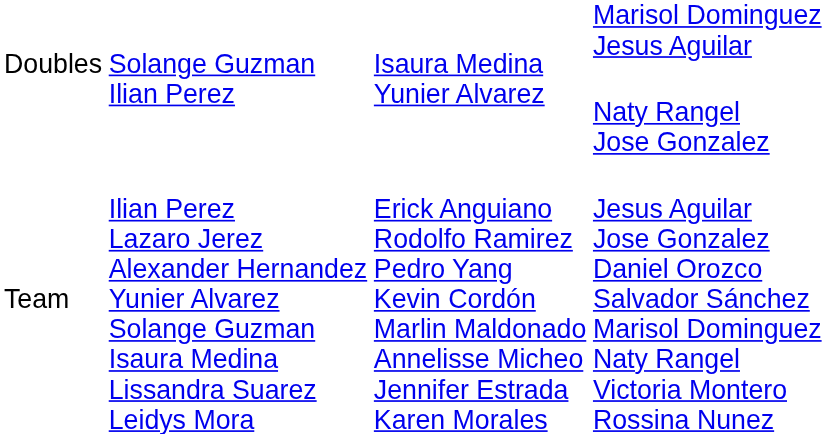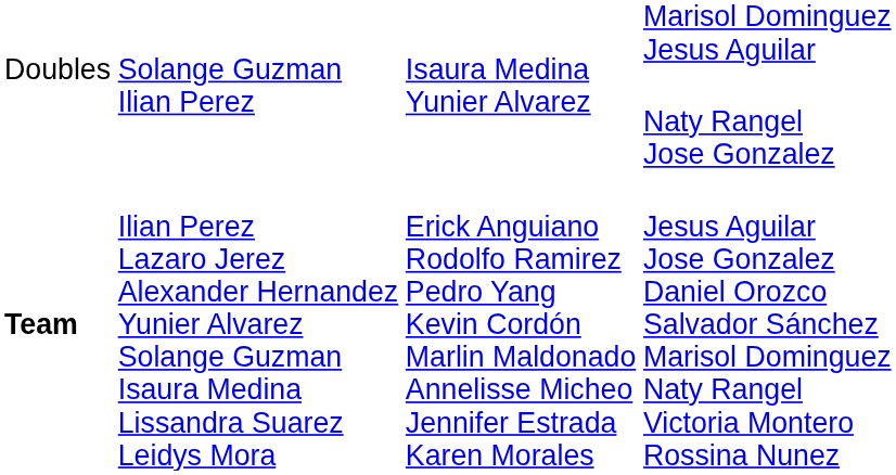 <table>
 <tr>
 <td rowspan=2>Doubles</td>
 <td rowspan=2><br><a href='#'>Solange Guzman</a><br><a href='#'>Ilian Perez</a></td>
 <td rowspan=2><br><a href='#'>Isaura Medina</a><br><a href='#'>Yunier Alvarez</a></td>
 <td><br><a href='#'>Marisol Dominguez</a><br><a href='#'>Jesus Aguilar</a></td>
 </tr>
 <tr>
 <td><br><a href='#'>Naty Rangel</a><br><a href='#'>Jose Gonzalez</a></td>
 </tr>
 <tr>
-<td>Team</td>
+<td><strong>Team</strong></td>
 <td><br><a href='#'>Ilian Perez</a><br><a href='#'>Lazaro Jerez</a><br><a href='#'>Alexander Hernandez</a><br><a href='#'>Yunier Alvarez</a><br><a href='#'>Solange Guzman</a><br><a href='#'>Isaura Medina</a><br><a href='#'>Lissandra Suarez</a><br><a href='#'>Leidys Mora</a></td>
 <td><br><a href='#'>Erick Anguiano</a><br><a href='#'>Rodolfo Ramirez</a><br><a href='#'>Pedro Yang</a><br><a href='#'>Kevin Cordón</a><br><a href='#'>Marlin Maldonado</a><br><a href='#'>Annelisse Micheo</a><br><a href='#'>Jennifer Estrada</a><br><a href='#'>Karen Morales</a></td>
 <td><br><a href='#'>Jesus Aguilar</a><br><a href='#'>Jose Gonzalez</a><br><a href='#'>Daniel Orozco</a><br><a href='#'>Salvador Sánchez</a><br><a href='#'>Marisol Dominguez</a><br><a href='#'>Naty Rangel</a><br><a href='#'>Victoria Montero</a><br><a href='#'>Rossina Nunez</a></td>
 </tr>
 </table>
